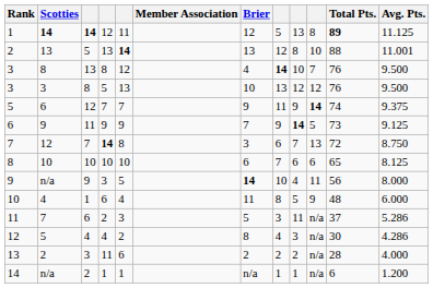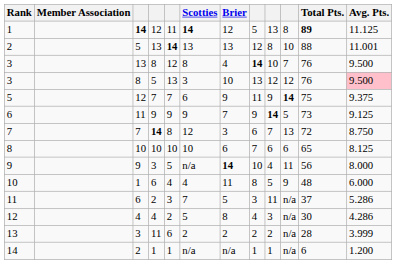 <table class="wikitable sortable">
 <tr>
 <th>Rank</th>
-<th><a href='#'>Scotties</a></th>
+<th>Member Association</th>
 <th></th>
 <th></th>
 <th></th>
-<th>Member Association</th>
+<th><a href='#'>Scotties</a></th>
 <th><a href='#'>Brier</a></th>
 <th></th>
 <th></th>
 <th></th>
 <th>Total Pts.</th>
 <th>Avg. Pts.</th>
 </tr>
 <tr>
 <td>1</td>
-<td><strong>14</strong></td>
+<td><strong></strong></td>
 <td><strong>14</strong></td>
 <td>12</td>
 <td>11</td>
-<td><strong></strong></td>
+<td><strong>14</strong></td>
 <td>12</td>
 <td>5</td>
 <td>13</td>
 <td>8</td>
 <td><strong>89</strong></td>
 <td>11.125</td>
 </tr>
 <tr>
 <td>2</td>
-<td>13</td>
+<td></td>
 <td>5</td>
 <td>13</td>
 <td><strong>14</strong></td>
-<td></td>
+<td>13</td>
 <td>13</td>
 <td>12</td>
 <td>8</td>
 <td>10</td>
 <td>88</td>
 <td>11.001</td>
 </tr>
 <tr>
 <td>3</td>
-<td>8</td>
+<td></td>
 <td>13</td>
 <td>8</td>
 <td>12</td>
-<td></td>
+<td>8</td>
 <td>4</td>
 <td><strong>14</strong></td>
 <td>10</td>
 <td>7</td>
 <td>76</td>
 <td>9.500</td>
 </tr>
 <tr>
 <td>3</td>
-<td>3</td>
+<td></td>
 <td>8</td>
 <td>5</td>
 <td>13</td>
-<td></td>
+<td>3</td>
 <td>10</td>
 <td>13</td>
 <td>12</td>
 <td>12</td>
 <td>76</td>
-<td>9.500</td>
+<td style="background: pink;">9.500</td>
 </tr>
 <tr>
 <td>5</td>
-<td>6</td>
+<td></td>
 <td>12</td>
 <td>7</td>
 <td>7</td>
-<td></td>
+<td>6</td>
 <td>9</td>
 <td>11</td>
 <td>9</td>
 <td><strong>14</strong></td>
-<td>74</td>
+<td>75</td>
 <td>9.375</td>
 </tr>
 <tr>
 <td>6</td>
-<td>9</td>
+<td></td>
 <td>11</td>
 <td>9</td>
 <td>9</td>
-<td></td>
+<td>9</td>
 <td>7</td>
 <td>9</td>
 <td><strong>14</strong></td>
 <td>5</td>
 <td>73</td>
 <td>9.125</td>
 </tr>
 <tr>
 <td>7</td>
-<td>12</td>
+<td></td>
 <td>7</td>
 <td><strong>14</strong></td>
 <td>8</td>
-<td></td>
+<td>12</td>
 <td>3</td>
 <td>6</td>
 <td>7</td>
 <td>13</td>
 <td>72</td>
 <td>8.750</td>
 </tr>
 <tr>
 <td>8</td>
+<td></td>
 <td>10</td>
 <td>10</td>
 <td>10</td>
 <td>10</td>
-<td></td>
 <td>6</td>
 <td>7</td>
 <td>6</td>
 <td>6</td>
 <td>65</td>
 <td>8.125</td>
 </tr>
 <tr>
 <td>9</td>
-<td>n/a</td>
+<td></td>
 <td>9</td>
 <td>3</td>
 <td>5</td>
-<td></td>
+<td>n/a</td>
 <td><strong>14</strong></td>
 <td>10</td>
 <td>4</td>
 <td>11</td>
 <td>56</td>
 <td>8.000</td>
 </tr>
 <tr>
 <td>10</td>
-<td>4</td>
+<td></td>
 <td>1</td>
 <td>6</td>
 <td>4</td>
-<td></td>
+<td>4</td>
 <td>11</td>
 <td>8</td>
 <td>5</td>
 <td>9</td>
 <td>48</td>
 <td>6.000</td>
 </tr>
 <tr>
 <td>11</td>
-<td>7</td>
+<td></td>
 <td>6</td>
 <td>2</td>
 <td>3</td>
-<td></td>
+<td>7</td>
 <td>5</td>
 <td>3</td>
 <td>11</td>
 <td>n/a</td>
 <td>37</td>
 <td>5.286</td>
 </tr>
 <tr>
 <td>12</td>
-<td>5</td>
+<td></td>
 <td>4</td>
 <td>4</td>
 <td>2</td>
-<td></td>
+<td>5</td>
 <td>8</td>
 <td>4</td>
 <td>3</td>
 <td>n/a</td>
 <td>30</td>
 <td>4.286</td>
 </tr>
 <tr>
 <td>13</td>
-<td>2</td>
+<td></td>
 <td>3</td>
 <td>11</td>
 <td>6</td>
-<td></td>
+<td>2</td>
 <td>2</td>
 <td>2</td>
 <td>2</td>
 <td>n/a</td>
 <td>28</td>
-<td>4.000</td>
+<td>3.999</td>
 </tr>
 <tr>
 <td>14</td>
-<td>n/a</td>
+<td></td>
 <td>2</td>
 <td>1</td>
 <td>1</td>
-<td></td>
+<td>n/a</td>
 <td>n/a</td>
 <td>1</td>
 <td>1</td>
 <td>n/a</td>
 <td>6</td>
 <td>1.200</td>
 </tr>
 </table>
